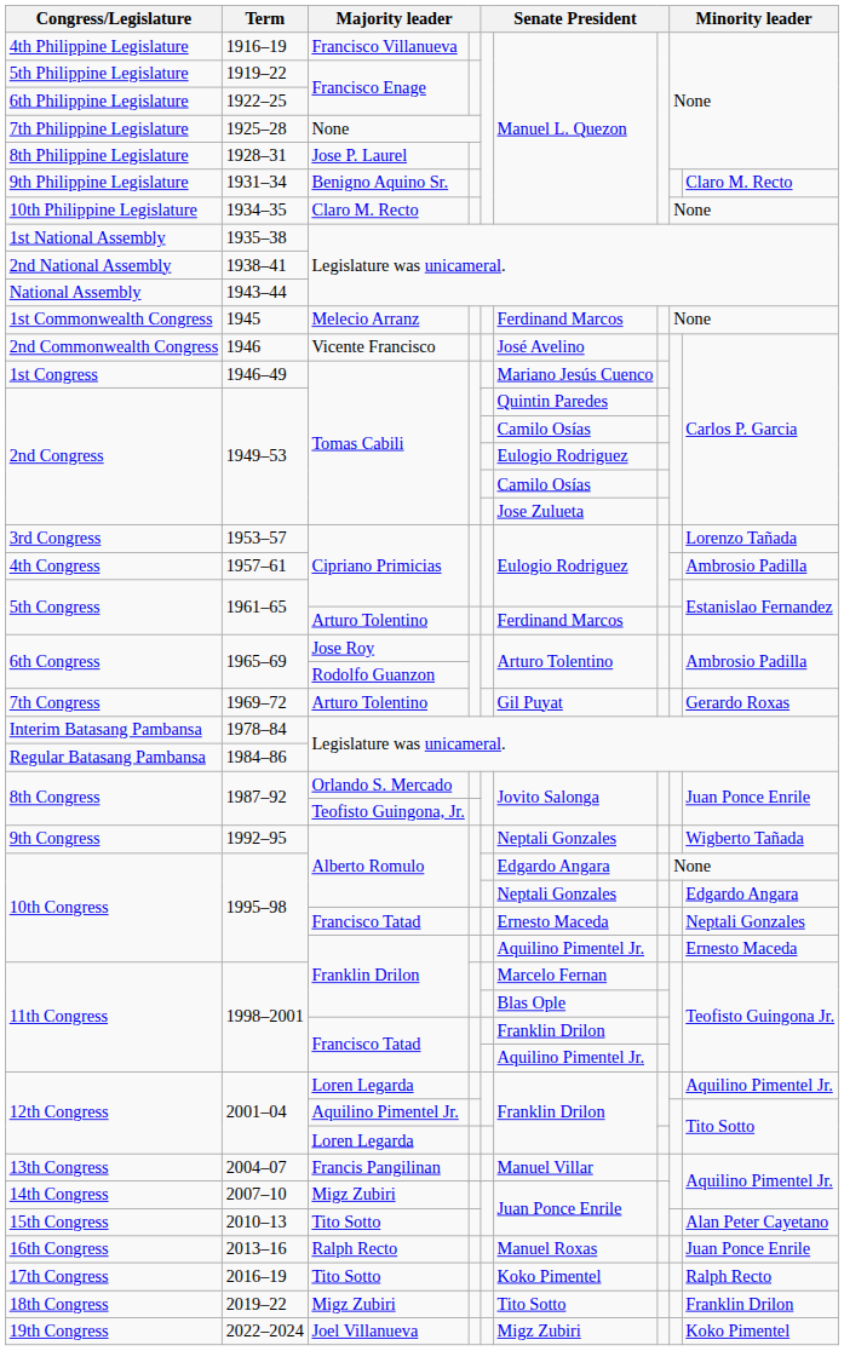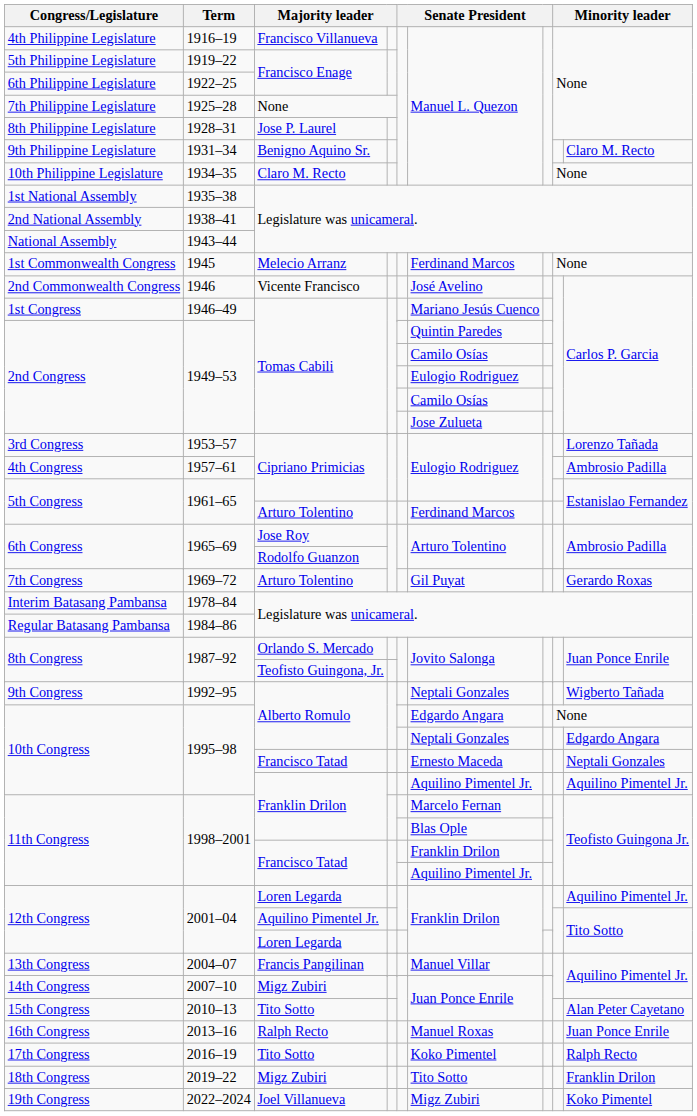 <table class="wikitable">
 <tr>
 <th>Congress/Legislature</th>
 <th>Term</th>
 <th colspan="2">Majority leader</th>
 <th colspan="3">Senate President</th>
 <th colspan="2">Minority leader</th>
 </tr>
 <tr>
 <td><a href='#'>4th Philippine Legislature</a></td>
 <td>1916–19</td>
 <td><a href='#'>Francisco Villanueva</a></td>
 <td bgcolor=> </td>
 <td rowspan="7" bgcolor=> </td>
 <td rowspan="7"><a href='#'>Manuel L. Quezon</a></td>
 <td rowspan="7" bgcolor=> </td>
 <td colspan="2" rowspan="5">None</td>
 </tr>
 <tr>
 <td><a href='#'>5th Philippine Legislature</a></td>
 <td>1919–22</td>
 <td rowspan="2"><a href='#'>Francisco Enage</a></td>
 <td rowspan="2" bgcolor=> </td>
 </tr>
 <tr>
 <td><a href='#'>6th Philippine Legislature</a></td>
 <td>1922–25</td>
 </tr>
 <tr>
 <td><a href='#'>7th Philippine Legislature</a></td>
 <td>1925–28</td>
 <td colspan="2">None</td>
 </tr>
 <tr>
 <td><a href='#'>8th Philippine Legislature</a></td>
 <td>1928–31</td>
 <td><a href='#'>Jose P. Laurel</a></td>
 <td bgcolor=> </td>
 </tr>
 <tr>
 <td><a href='#'>9th Philippine Legislature</a></td>
 <td>1931–34</td>
 <td><a href='#'>Benigno Aquino Sr.</a></td>
 <td bgcolor=> </td>
 <td bgcolor=> </td>
 <td><a href='#'>Claro M. Recto</a></td>
 </tr>
 <tr>
 <td><a href='#'>10th Philippine Legislature</a></td>
 <td>1934–35</td>
 <td><a href='#'>Claro M. Recto</a></td>
 <td bgcolor=> </td>
 <td colspan="2">None</td>
 </tr>
 <tr>
 <td><a href='#'>1st National Assembly</a></td>
 <td>1935–38</td>
 <td colspan="7" rowspan="3">Legislature was <a href='#'>unicameral</a>.</td>
 </tr>
 <tr>
 <td><a href='#'>2nd National Assembly</a></td>
 <td>1938–41</td>
 </tr>
 <tr>
 <td><a href='#'>National Assembly</a></td>
 <td>1943–44</td>
 </tr>
 <tr>
 <td><a href='#'>1st Commonwealth Congress</a></td>
 <td>1945</td>
 <td><a href='#'>Melecio Arranz</a></td>
 <td bgcolor=> </td>
 <td bgcolor=> </td>
 <td><a href='#'>Ferdinand Marcos</a></td>
 <td bgcolor=> </td>
 <td colspan="2">None</td>
 </tr>
 <tr>
 <td><a href='#'>2nd Commonwealth Congress</a></td>
 <td>1946</td>
 <td rowspan="2">Vicente Francisco</td>
 <td rowspan="2" bgcolor=> </td>
 <td rowspan="2" bgcolor=> </td>
 <td rowspan="2"><a href='#'>José Avelino</a></td>
 <td rowspan="2" bgcolor=> </td>
 <td rowspan="10" bgcolor=> </td>
 <td rowspan="10"><a href='#'>Carlos P. Garcia</a></td>
 </tr>
 <tr>
 <td rowspan="2"><a href='#'>1st Congress</a></td>
 <td rowspan="2">1946–49</td>
 </tr>
 <tr>
 <td rowspan="8"><a href='#'>Tomas Cabili</a></td>
 <td rowspan="8" bgcolor=> </td>
 <td rowspan="2" bgcolor=> </td>
 <td rowspan="2"><a href='#'>Mariano Jesús Cuenco</a></td>
 <td rowspan="2" bgcolor=> </td>
 </tr>
 <tr>
 <td rowspan="7"><a href='#'>2nd Congress</a></td>
 <td rowspan="7">1949–53</td>
 </tr>
 <tr>
 <td bgcolor=> </td>
 <td><a href='#'>Quintin Paredes</a></td>
 <td bgcolor=> </td>
 </tr>
 <tr>
 <td bgcolor=> </td>
 <td><a href='#'>Camilo Osías</a></td>
 <td bgcolor=> </td>
 </tr>
 <tr>
 <td bgcolor=> </td>
 <td><a href='#'>Eulogio Rodriguez</a></td>
 <td bgcolor=> </td>
 </tr>
 <tr>
 <td bgcolor=> </td>
 <td><a href='#'>Camilo Osías</a></td>
 <td bgcolor=> </td>
 </tr>
 <tr>
 <td bgcolor=> </td>
 <td><a href='#'>Jose Zulueta</a></td>
 <td bgcolor=> </td>
 </tr>
 <tr>
 <td rowspan="4" bgcolor=> </td>
 <td rowspan="4"><a href='#'>Eulogio Rodriguez</a></td>
 <td rowspan="4"> </td>
 </tr>
 <tr>
 <td><a href='#'>3rd Congress</a></td>
 <td>1953–57</td>
 <td rowspan="3"><a href='#'>Cipriano Primicias</a></td>
 <td rowspan="3" bgcolor=> </td>
 <td bgcolor=> </td>
 <td><a href='#'>Lorenzo Tañada</a></td>
 </tr>
 <tr>
 <td><a href='#'>4th Congress</a></td>
 <td>1957–61</td>
 <td bgcolor=> </td>
 <td><a href='#'>Ambrosio Padilla</a></td>
 </tr>
 <tr>
 <td rowspan="2"><a href='#'>5th Congress</a></td>
 <td rowspan="2">1961–65</td>
 <td bgcolor=> </td>
 <td rowspan="2"><a href='#'>Estanislao Fernandez</a></td>
 </tr>
 <tr>
 <td><a href='#'>Arturo Tolentino</a></td>
 <td bgcolor=> </td>
 <td bgcolor=> </td>
 <td><a href='#'>Ferdinand Marcos</a></td>
 <td bgcolor=> </td>
 <td bgcolor=> </td>
 </tr>
 <tr>
 <td rowspan="3"><a href='#'>6th Congress</a></td>
 <td rowspan="3">1965–69</td>
 <td><a href='#'>Jose Roy</a></td>
 <td rowspan="4" bgcolor=> </td>
 <td rowspan="2" bgcolor=> </td>
 <td rowspan="2"><a href='#'>Arturo Tolentino</a></td>
 <td rowspan="2" bgcolor=> </td>
 <td rowspan="3" bgcolor=> </td>
 <td rowspan="3"><a href='#'>Ambrosio Padilla</a></td>
 </tr>
 <tr>
 <td><a href='#'>Rodolfo Guanzon</a></td>
 </tr>
 <tr>
 <td rowspan="2"><a href='#'>Arturo Tolentino</a></td>
 <td rowspan="2" bgcolor=> </td>
 <td rowspan="2"><a href='#'>Gil Puyat</a></td>
 <td rowspan="2" bgcolor=> </td>
 </tr>
 <tr>
 <td><a href='#'>7th Congress</a></td>
 <td>1969–72</td>
 <td bgcolor=> </td>
 <td><a href='#'>Gerardo Roxas</a></td>
 </tr>
 <tr>
 <td><a href='#'>Interim Batasang Pambansa</a></td>
 <td>1978–84</td>
 <td colspan="7" rowspan="2">Legislature was <a href='#'>unicameral</a>.</td>
 </tr>
 <tr>
 <td><a href='#'>Regular Batasang Pambansa</a></td>
 <td>1984–86</td>
 </tr>
 <tr>
 <td rowspan="4"><a href='#'>8th Congress</a></td>
 <td rowspan="4">1987–92</td>
 <td><a href='#'>Orlando S. Mercado</a></td>
 <td bgcolor=> </td>
 <td rowspan="3" bgcolor=> </td>
 <td rowspan="3"><a href='#'>Jovito Salonga</a></td>
 <td rowspan="3" bgcolor=> </td>
 <td rowspan="3" bgcolor=> </td>
 <td rowspan="3"><a href='#'>Juan Ponce Enrile</a></td>
 </tr>
 <tr>
 <td><a href='#'>Teofisto Guingona, Jr.</a></td>
 <td bgcolor=> </td>
 </tr>
 <tr>
 <td rowspan="6"><a href='#'>Alberto Romulo</a></td>
 <td rowspan="6" bgcolor=> </td>
 </tr>
 <tr>
 <td rowspan="2" bgcolor=> </td>
 <td rowspan="2"><a href='#'>Neptali Gonzales</a></td>
 <td rowspan="2" bgcolor=> </td>
 <td rowspan="3" bgcolor=> </td>
 <td rowspan="3"><a href='#'>Wigberto Tañada</a></td>
 </tr>
 <tr>
 <td rowspan="2"><a href='#'>9th Congress</a></td>
 <td rowspan="2">1992–95</td>
 </tr>
 <tr>
 <td rowspan="2" bgcolor=> </td>
 <td rowspan="2"><a href='#'>Edgardo Angara</a></td>
 <td rowspan="2" bgcolor=> </td>
 </tr>
 <tr>
 <td rowspan="4"><a href='#'>10th Congress</a></td>
 <td rowspan="4">1995–98</td>
 <td colspan="2">None</td>
 </tr>
 <tr>
 <td bgcolor=> </td>
 <td><a href='#'>Neptali Gonzales</a></td>
 <td bgcolor=> </td>
 <td bgcolor=> </td>
 <td><a href='#'>Edgardo Angara</a></td>
 </tr>
 <tr>
 <td><a href='#'>Francisco Tatad</a></td>
 <td bgcolor=> </td>
 <td bgcolor=> </td>
 <td><a href='#'>Ernesto Maceda</a></td>
 <td bgcolor=> </td>
 <td bgcolor=> </td>
 <td><a href='#'>Neptali Gonzales</a></td>
 </tr>
 <tr>
 <td rowspan="3"><a href='#'>Franklin Drilon</a></td>
 <td bgcolor=> </td>
 <td bgcolor=> </td>
 <td><a href='#'>Aquilino Pimentel Jr.</a></td>
 <td bgcolor=> </td>
 <td bgcolor=> </td>
-<td><a href='#'>Ernesto Maceda</a></td>
+<td><a href='#'>Aquilino Pimentel Jr.</a></td>
 </tr>
 <tr>
 <td rowspan="4"><a href='#'>11th Congress</a></td>
 <td rowspan="4">1998–2001</td>
 <td rowspan="2" bgcolor=> </td>
 <td bgcolor=> </td>
 <td><a href='#'>Marcelo Fernan</a></td>
 <td bgcolor=> </td>
 <td rowspan="4" bgcolor=> </td>
 <td rowspan="4"><a href='#'>Teofisto Guingona Jr.</a></td>
 </tr>
 <tr>
 <td bgcolor=> </td>
 <td><a href='#'>Blas Ople</a></td>
 <td bgcolor=> </td>
 </tr>
 <tr>
 <td rowspan="2"><a href='#'>Francisco Tatad</a></td>
 <td rowspan="2" bgcolor=> </td>
 <td bgcolor=> </td>
 <td><a href='#'>Franklin Drilon</a></td>
 <td bgcolor=> </td>
 </tr>
 <tr>
 <td bgcolor=> </td>
 <td><a href='#'>Aquilino Pimentel Jr.</a></td>
 <td bgcolor=> </td>
 </tr>
 <tr>
 <td rowspan="4"><a href='#'>12th Congress</a></td>
 <td rowspan="4">2001–04</td>
 <td><a href='#'>Loren Legarda</a></td>
 <td bgcolor=> </td>
 <td rowspan="3" bgcolor=> </td>
 <td rowspan="5"><a href='#'>Franklin Drilon</a></td>
 <td rowspan="3" bgcolor=> </td>
 <td bgcolor=> </td>
 <td><a href='#'>Aquilino Pimentel Jr.</a></td>
 </tr>
 <tr>
 <td><a href='#'>Aquilino Pimentel Jr.</a></td>
 <td bgcolor=> </td>
 <td rowspan="3" bgcolor=> </td>
 <td rowspan="3"><a href='#'>Tito Sotto</a></td>
 </tr>
 <tr>
 <td rowspan="2"><a href='#'>Loren Legarda</a></td>
 <td rowspan="2" bgcolor=> </td>
 </tr>
 <tr>
 <td rowspan="2" bgcolor=> </td>
 <td rowspan="2" bgcolor=> </td>
 </tr>
 <tr>
 <td rowspan="2"><a href='#'>13th Congress</a></td>
 <td rowspan="2">2004–07</td>
 <td rowspan="3"><a href='#'>Francis Pangilinan</a></td>
 <td rowspan="3" bgcolor=> </td>
 <td rowspan="4" bgcolor=> </td>
 <td rowspan="4"><a href='#'>Aquilino Pimentel Jr.</a></td>
 </tr>
 <tr>
 <td rowspan="2" bgcolor=> </td>
 <td rowspan="2"><a href='#'>Manuel Villar</a></td>
 <td rowspan="2" bgcolor=> </td>
 </tr>
 <tr>
 <td rowspan="2"><a href='#'>14th Congress</a></td>
 <td rowspan="2">2007–10</td>
 </tr>
 <tr>
 <td><a href='#'>Migz Zubiri</a></td>
 <td bgcolor=> </td>
 <td rowspan="2" bgcolor=> </td>
 <td rowspan="2"><a href='#'>Juan Ponce Enrile</a></td>
 <td rowspan="2" bgcolor=> </td>
 </tr>
 <tr>
 <td><a href='#'>15th Congress</a></td>
 <td>2010–13</td>
 <td><a href='#'>Tito Sotto</a></td>
 <td bgcolor=> </td>
 <td bgcolor=> </td>
 <td><a href='#'>Alan Peter Cayetano</a></td>
 </tr>
 <tr>
 <td><a href='#'>16th Congress</a></td>
 <td>2013–16</td>
 <td><a href='#'>Ralph Recto</a></td>
 <td bgcolor=> </td>
 <td bgcolor=> </td>
 <td><a href='#'>Manuel Roxas</a></td>
 <td bgcolor=> </td>
 <td bgcolor=> </td>
 <td><a href='#'>Juan Ponce Enrile</a></td>
 </tr>
 <tr>
 <td rowspan="3"><a href='#'>17th Congress</a></td>
 <td rowspan="3">2016–19</td>
 <td rowspan="2"><a href='#'>Tito Sotto</a></td>
 <td rowspan="2" bgcolor=> </td>
 <td rowspan="2" bgcolor=> </td>
 <td rowspan="2"><a href='#'>Koko Pimentel</a></td>
 <td rowspan="2" bgcolor=> </td>
 <td bgcolor=> </td>
 <td><a href='#'>Ralph Recto</a></td>
 </tr>
 <tr>
 <td rowspan="3" bgcolor=> </td>
 <td rowspan="3"><a href='#'>Franklin Drilon</a></td>
 </tr>
 <tr>
 <td rowspan="2"><a href='#'>Migz Zubiri</a></td>
 <td rowspan="2" bgcolor=> </td>
 <td rowspan="2" bgcolor=> </td>
 <td rowspan="2"><a href='#'>Tito Sotto</a></td>
 <td rowspan="2" bgcolor=> </td>
 </tr>
 <tr>
 <td><a href='#'>18th Congress</a></td>
 <td>2019–22</td>
 </tr>
 <tr>
 <td><a href='#'>19th Congress</a></td>
 <td>2022–2024</td>
 <td><a href='#'>Joel Villanueva</a></td>
 <td></td>
 <td></td>
 <td><a href='#'>Migz Zubiri</a></td>
 <td></td>
 <td></td>
 <td><a href='#'>Koko Pimentel</a></td>
 </tr>
 </table>
